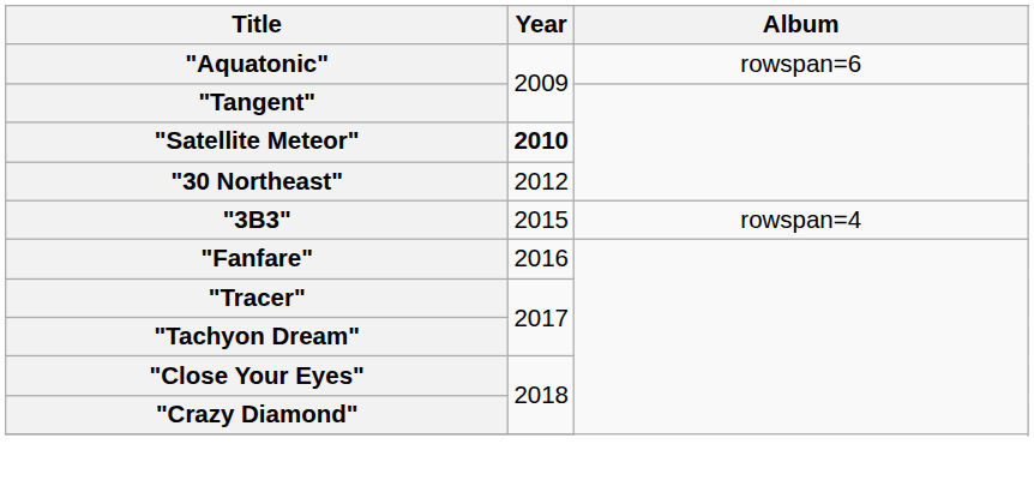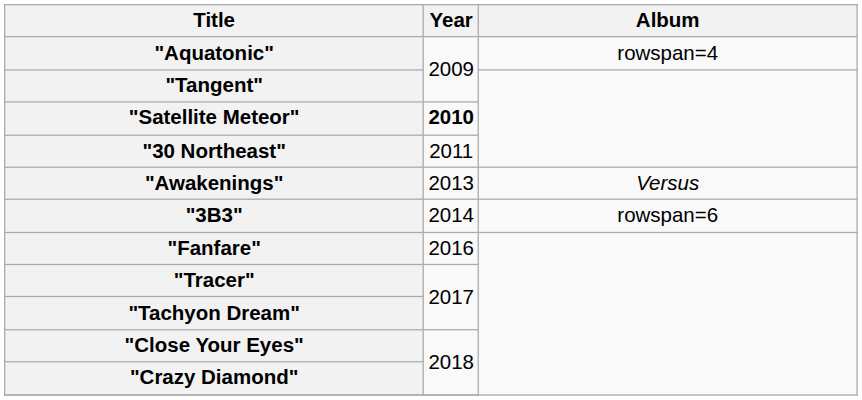 <table class="wikitable plainrowheaders" style="text-align:center;" border="1">
 <tr>
 <th scope="col" rowspan="1" style="width:20em;">Title</th>
 <th scope="col" rowspan="1" style="width:1em;">Year</th>
 <th scope="col" rowspan="1" style="width:18em;">Album</th>
 </tr>
 <tr>
 <th scope="row">"Aquatonic"</th>
 <td rowspan="2">2009</td>
-<td>rowspan=6 </td>
+<td>rowspan=4 </td>
 </tr>
 <tr>
 <th scope="row">"Tangent"</th>
 </tr>
 <tr>
 <th scope="row">"Satellite Meteor"</th>
 <td><strong>2010</strong></td>
 </tr>
 <tr>
 <th scope="row">"30 Northeast"</th>
-<td>2012</td>
+<td>2011</td>
+</tr>
+<tr>
+<th scope="row">"Awakenings"<br></th>
+<td>2013</td>
+<td><em>Versus</em></td>
 </tr>
 <tr>
 <th scope="row">"3B3"<br></th>
-<td rowspan="1">2015</td>
-<td>rowspan=4 </td>
+<td rowspan="1">2014</td>
+<td>rowspan=6 </td>
 </tr>
 <tr>
 <th scope="row">"Fanfare"<br></th>
 <td rowspan="1">2016</td>
 </tr>
 <tr>
 <th scope="row">"Tracer"<br></th>
 <td rowspan="2">2017</td>
 </tr>
 <tr>
 <th scope="row">"Tachyon Dream"<br></th>
 </tr>
 <tr>
 <th scope="row">"Close Your Eyes"<br></th>
 <td rowspan="2">2018</td>
 </tr>
 <tr>
 <th scope="row">"Crazy Diamond"<br></th>
 </tr>
 <tr>
 </tr>
 </table>
